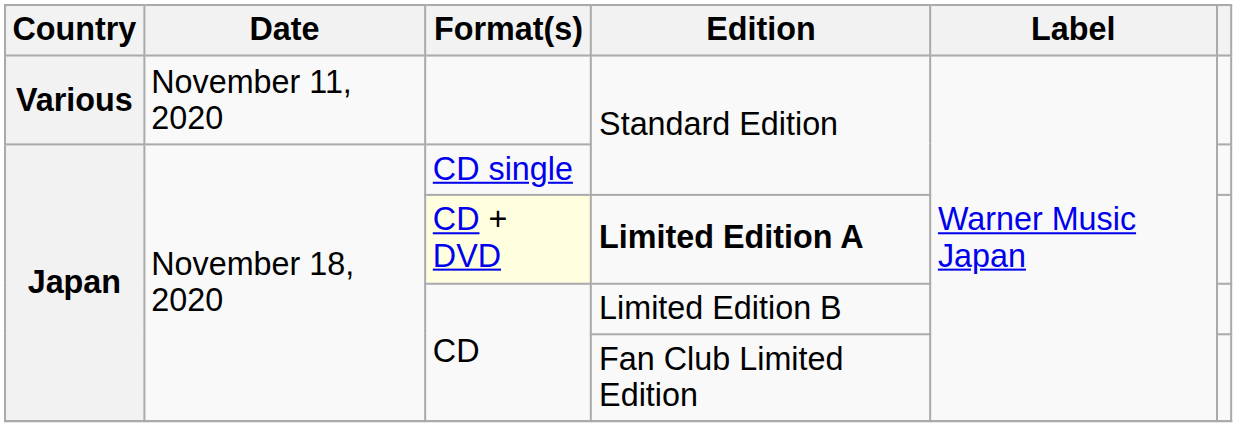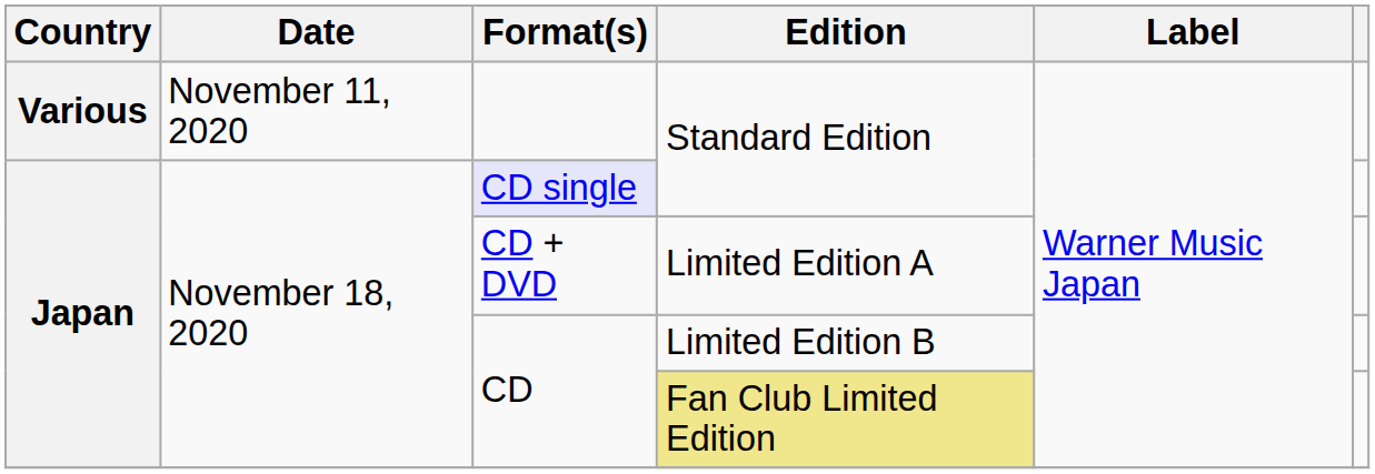 <table class="wikitable plainrowheaders" border="1">
 <tr>
 <th>Country</th>
 <th>Date</th>
 <th>Format(s)</th>
 <th>Edition</th>
 <th>Label</th>
 <th></th>
 </tr>
 <tr>
 <th scope="row">Various</th>
 <td>November 11, 2020</td>
 <td></td>
 <td rowspan="2">Standard Edition</td>
 <td rowspan="5"><a href='#'>Warner Music Japan</a></td>
 <td></td>
 </tr>
 <tr>
 <th scope="row" rowspan="4">Japan</th>
 <td rowspan="4">November 18, 2020</td>
-<td><a href='#'>CD single</a></td>
+<td style="background: lavender;"><a href='#'>CD single</a></td>
 <td></td>
 </tr>
 <tr>
-<td style="background: lightyellow;"><a href='#'>CD</a> + <a href='#'>DVD</a></td>
-<td><strong>Limited Edition A</strong></td>
+<td><a href='#'>CD</a> + <a href='#'>DVD</a></td>
+<td>Limited Edition A</td>
 <td></td>
 </tr>
 <tr>
 <td rowspan="2">CD</td>
 <td>Limited Edition B</td>
 <td></td>
 </tr>
 <tr>
-<td>Fan Club Limited Edition</td>
+<td style="background: khaki;">Fan Club Limited Edition</td>
 <td></td>
 </tr>
 <tr>
 </tr>
 </table>
